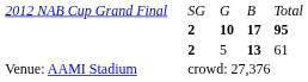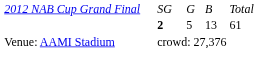 <table style="margin-right:4px; margin-top:8px; float:right; border:1px No.">
 <tr>
 <td width=200><em><a href='#'>2012 NAB Cup Grand Final</a></em></td>
 <td><em>SG</em></td>
 <td><em>G</em></td>
 <td><em>B</em></td>
 <td><em>Total</em></td>
 </tr>
 <tr>
 <td style="text-align:left"></td>
 <td><strong>2</strong></td>
-<td><strong>10</strong></td>
-<td><strong>17</strong></td>
-<td><strong>95</strong></td>
-</tr>
-<tr>
-<td style="text-align:left"></td>
-<td><strong>2</strong></td>
 <td>5</td>
-<td><strong>13</strong></td>
+<td>13</td>
 <td>61</td>
 </tr>
 <tr>
 <td>Venue: <a href='#'>AAMI Stadium</a></td>
 <td colspan=3>crowd:  27,376</td>
 </tr>
 </table>
